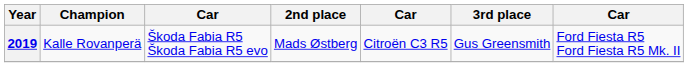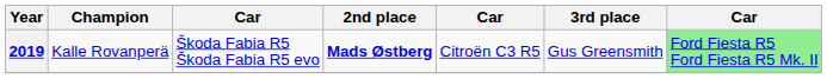 <table class="wikitable">
 <tr>
 <th>Year</th>
 <th>Champion</th>
 <th>Car</th>
 <th>2nd place</th>
 <th>Car</th>
 <th>3rd place</th>
 <th>Car</th>
 </tr>
 <tr>
 <th><a href='#'>2019</a></th>
 <td> <a href='#'>Kalle Rovanperä</a></td>
 <td><a href='#'>Škoda Fabia R5</a><br><a href='#'>Škoda Fabia R5 evo</a></td>
-<td> <a href='#'>Mads Østberg</a></td>
+<td><strong> <a href='#'>Mads Østberg</a></strong></td>
 <td><a href='#'>Citroën C3 R5</a></td>
 <td> <a href='#'>Gus Greensmith</a></td>
-<td><a href='#'>Ford Fiesta R5</a><br><a href='#'>Ford Fiesta R5 Mk. II</a></td>
+<td style="background: lightgreen;"><a href='#'>Ford Fiesta R5</a><br><a href='#'>Ford Fiesta R5 Mk. II</a></td>
 </tr>
 <tr>
 </tr>
 </table>
